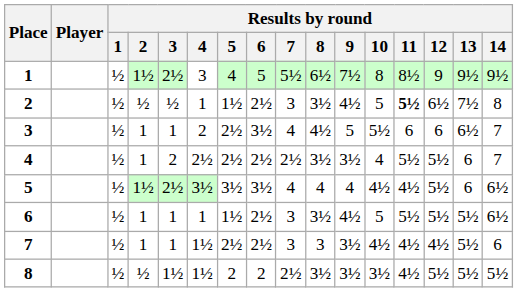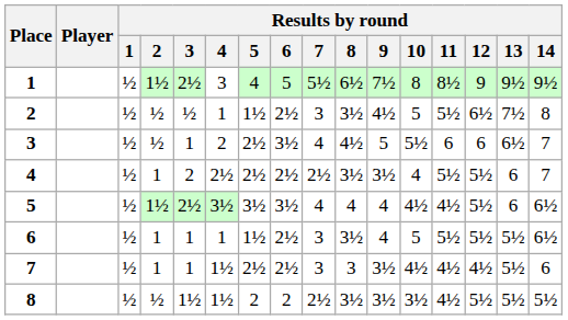 <table class="wikitable" style="font-size:85%;">
 <tr>
 <th rowspan="2">Place</th>
 <th rowspan="2">Player</th>
 <th colspan="14">Results by round</th>
 </tr>
 <tr>
 <th>1</th>
 <th>2</th>
 <th>3</th>
 <th>4</th>
 <th>5</th>
 <th>6</th>
 <th>7</th>
 <th>8</th>
 <th>9</th>
 <th>10</th>
 <th>11</th>
 <th>12</th>
 <th>13</th>
 <th>14</th>
 </tr>
 <tr style="text-align:center; background:white; color:black;">
 <td><strong>1</strong></td>
 <td align="left"></td>
 <td>½</td>
 <td bgcolor="#cfc">1½</td>
 <td bgcolor="#cfc">2½</td>
 <td>3</td>
 <td bgcolor="#cfc">4</td>
 <td bgcolor="#cfc">5</td>
 <td bgcolor="#cfc">5½</td>
 <td bgcolor="#cfc">6½</td>
 <td bgcolor="#cfc">7½</td>
 <td bgcolor="#cfc">8</td>
 <td bgcolor="#cfc">8½</td>
 <td bgcolor="#cfc">9</td>
 <td bgcolor="#cfc">9½</td>
 <td bgcolor="#cfc">9½</td>
 </tr>
 <tr style="text-align:center; background:white; color:black;">
 <td><strong>2</strong></td>
 <td align="left"></td>
 <td>½</td>
 <td>½</td>
 <td>½</td>
 <td>1</td>
 <td>1½</td>
 <td>2½</td>
 <td>3</td>
 <td>3½</td>
 <td>4½</td>
 <td>5</td>
-<td><strong>5½</strong></td>
+<td>5½</td>
 <td>6½</td>
 <td>7½</td>
 <td>8</td>
 </tr>
 <tr style="text-align:center; background:white; color:black;">
 <td><strong>3</strong></td>
 <td align="left"></td>
 <td>½</td>
-<td>1</td>
+<td>½</td>
 <td>1</td>
 <td>2</td>
 <td>2½</td>
 <td>3½</td>
 <td>4</td>
 <td>4½</td>
 <td>5</td>
 <td>5½</td>
 <td>6</td>
 <td>6</td>
 <td>6½</td>
 <td>7</td>
 </tr>
 <tr style="text-align:center; background:white; color:black;">
 <td><strong>4</strong></td>
 <td align="left"></td>
 <td>½</td>
 <td>1</td>
 <td>2</td>
 <td>2½</td>
 <td>2½</td>
 <td>2½</td>
 <td>2½</td>
 <td>3½</td>
 <td>3½</td>
 <td>4</td>
 <td>5½</td>
 <td>5½</td>
 <td>6</td>
 <td>7</td>
 </tr>
 <tr style="text-align:center; background:white; color:black;">
 <td><strong>5</strong></td>
 <td align="left"></td>
 <td>½</td>
 <td bgcolor="#cfc">1½</td>
 <td bgcolor="#cfc">2½</td>
 <td bgcolor="#cfc">3½</td>
 <td>3½</td>
 <td>3½</td>
 <td>4</td>
 <td>4</td>
 <td>4</td>
 <td>4½</td>
 <td>4½</td>
 <td>5½</td>
 <td>6</td>
 <td>6½</td>
 </tr>
 <tr style="text-align:center; background:white; color:black;">
 <td><strong>6</strong></td>
 <td align="left"></td>
 <td>½</td>
 <td>1</td>
 <td>1</td>
 <td>1</td>
 <td>1½</td>
 <td>2½</td>
 <td>3</td>
 <td>3½</td>
-<td>4½</td>
+<td>4</td>
 <td>5</td>
 <td>5½</td>
 <td>5½</td>
 <td>5½</td>
 <td>6½</td>
 </tr>
 <tr style="text-align:center; background:white; color:black;">
 <td><strong>7</strong></td>
 <td align="left"></td>
 <td>½</td>
 <td>1</td>
 <td>1</td>
 <td>1½</td>
 <td>2½</td>
 <td>2½</td>
 <td>3</td>
 <td>3</td>
 <td>3½</td>
 <td>4½</td>
 <td>4½</td>
 <td>4½</td>
 <td>5½</td>
 <td>6</td>
 </tr>
 <tr style="text-align:center; background:white; color:black;">
 <td><strong>8</strong></td>
 <td align="left"></td>
 <td>½</td>
 <td>½</td>
 <td>1½</td>
 <td>1½</td>
 <td>2</td>
 <td>2</td>
 <td>2½</td>
 <td>3½</td>
 <td>3½</td>
 <td>3½</td>
 <td>4½</td>
 <td>5½</td>
 <td>5½</td>
 <td>5½</td>
 </tr>
 </table>
